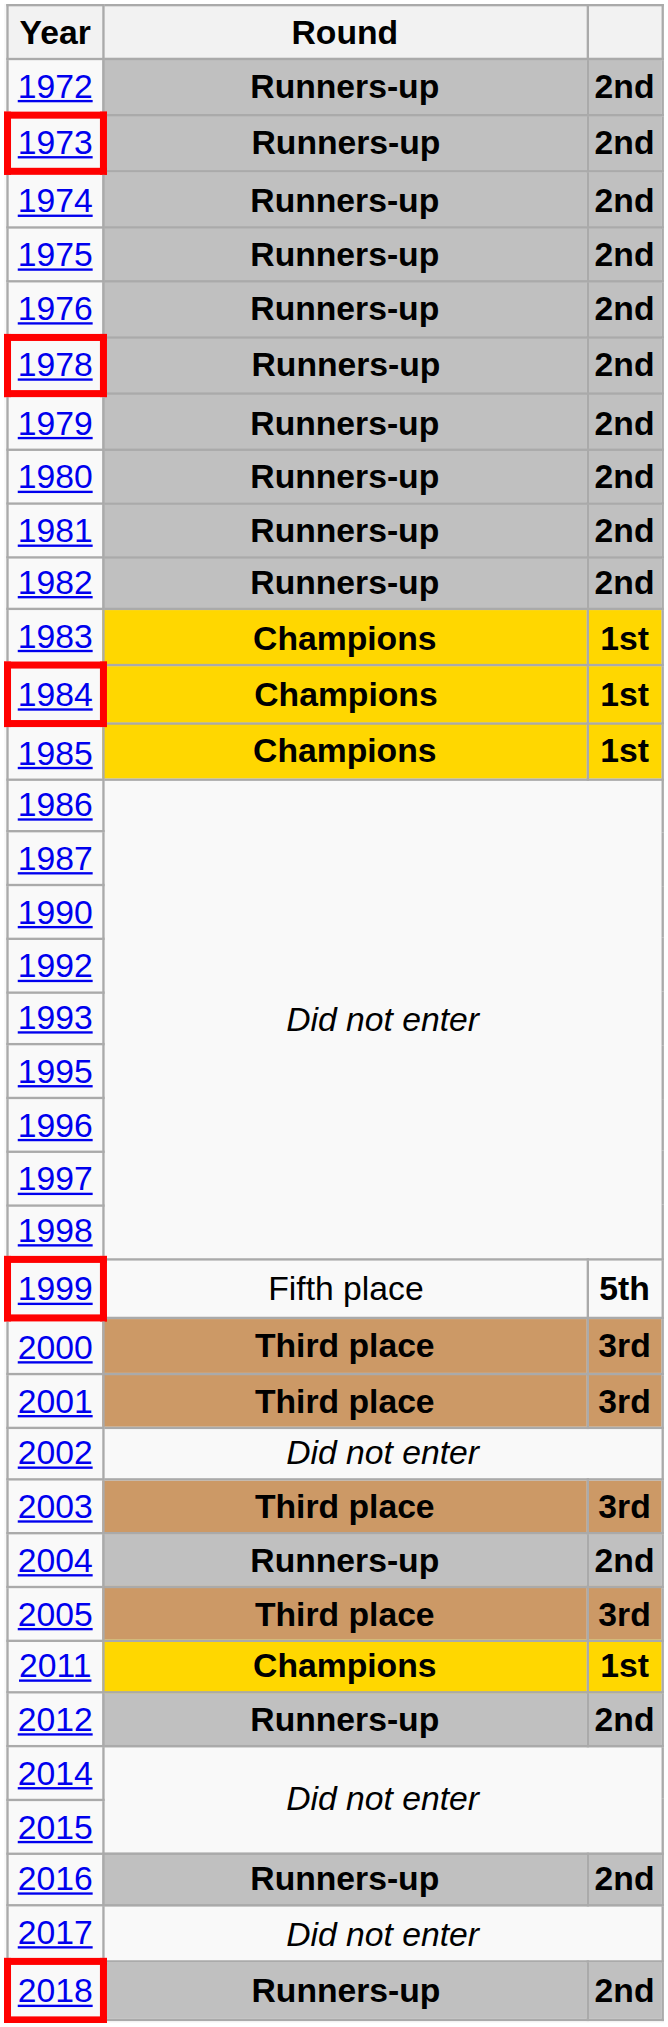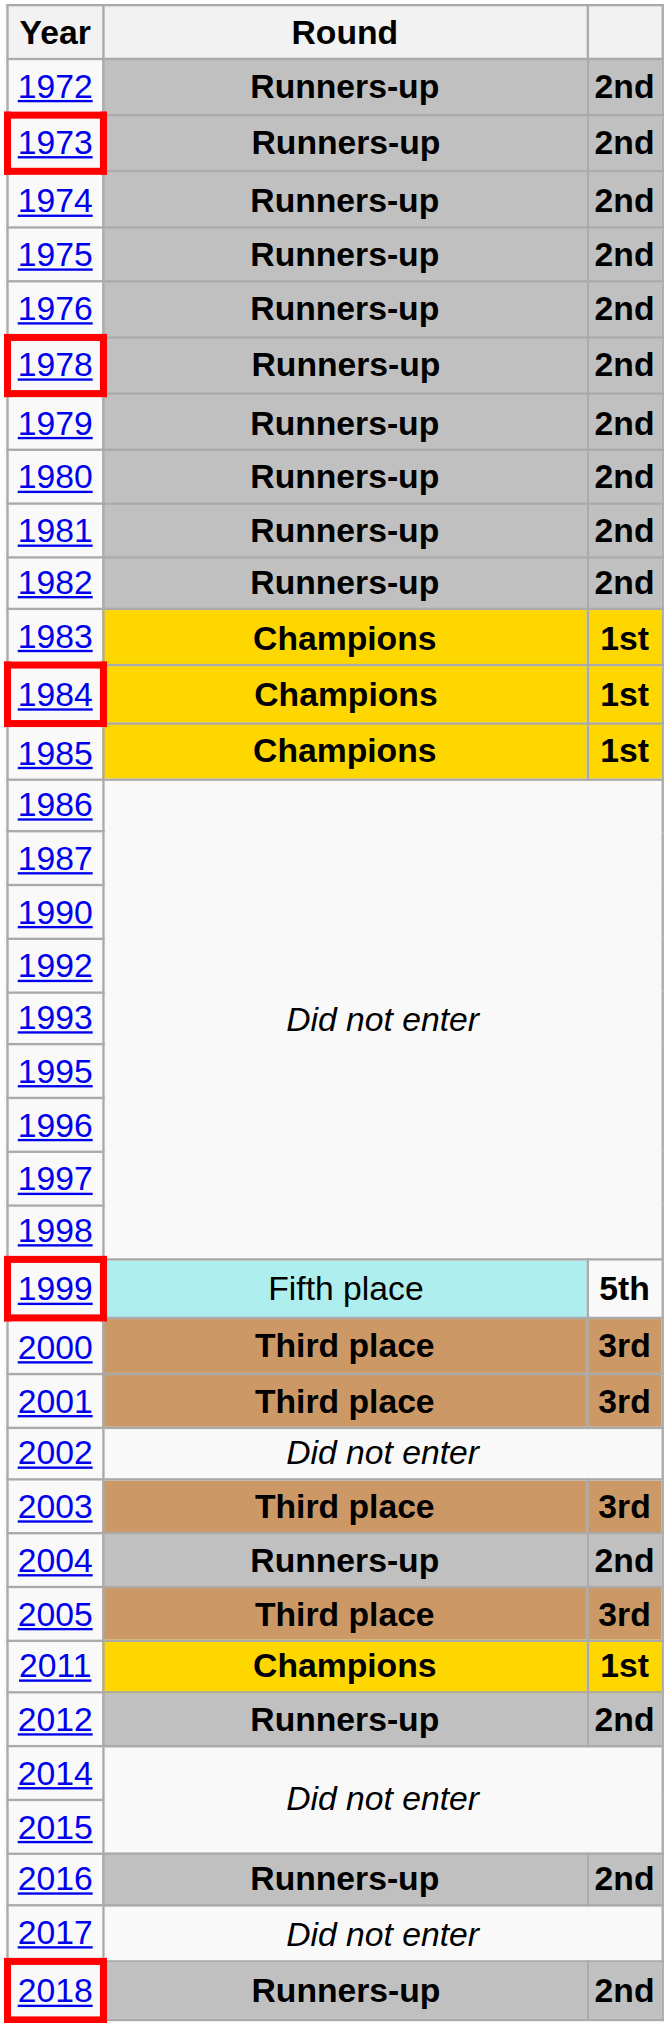 <table class="wikitable" style="text-align: center; font-size:90%">
 <tr>
 <th>Year</th>
 <th style="width:200px">Round</th>
 <th></th>
 </tr>
 <tr>
 <td><a href='#'>1972</a></td>
 <td bgcolor=Silver><strong>Runners-up</strong></td>
 <td bgcolor=Silver><strong>2nd</strong></td>
 </tr>
 <tr>
 <td style="border: 3px solid red"><a href='#'>1973</a></td>
 <td bgcolor=Silver><strong>Runners-up</strong></td>
 <td bgcolor=Silver><strong>2nd</strong></td>
 </tr>
 <tr>
 <td><a href='#'>1974</a></td>
 <td bgcolor=Silver><strong>Runners-up</strong></td>
 <td bgcolor=Silver><strong>2nd</strong></td>
 </tr>
 <tr>
 <td><a href='#'>1975</a></td>
 <td bgcolor=Silver><strong>Runners-up</strong></td>
 <td bgcolor=Silver><strong>2nd</strong></td>
 </tr>
 <tr>
 <td><a href='#'>1976</a></td>
 <td bgcolor=Silver><strong>Runners-up</strong></td>
 <td bgcolor=Silver><strong>2nd</strong></td>
 </tr>
 <tr>
 <td style="border: 3px solid red"><a href='#'>1978</a></td>
 <td bgcolor=Silver><strong>Runners-up</strong></td>
 <td bgcolor=Silver><strong>2nd</strong></td>
 </tr>
 <tr>
 <td><a href='#'>1979</a></td>
 <td bgcolor=Silver><strong>Runners-up</strong></td>
 <td bgcolor=Silver><strong>2nd</strong></td>
 </tr>
 <tr>
 <td><a href='#'>1980</a></td>
 <td bgcolor=Silver><strong>Runners-up</strong></td>
 <td bgcolor=Silver><strong>2nd</strong></td>
 </tr>
 <tr>
 <td><a href='#'>1981</a></td>
 <td bgcolor=Silver><strong>Runners-up</strong></td>
 <td bgcolor=Silver><strong>2nd</strong></td>
 </tr>
 <tr>
 <td><a href='#'>1982</a></td>
 <td bgcolor=Silver><strong>Runners-up</strong></td>
 <td bgcolor=Silver><strong>2nd</strong></td>
 </tr>
 <tr>
 <td><a href='#'>1983</a></td>
 <td bgcolor=Gold><strong>Champions</strong></td>
 <td bgcolor=Gold><strong>1st</strong></td>
 </tr>
 <tr>
 <td style="border: 3px solid red"><a href='#'>1984</a></td>
 <td bgcolor=Gold><strong>Champions</strong></td>
 <td bgcolor=Gold><strong>1st</strong></td>
 </tr>
 <tr>
 <td><a href='#'>1985</a></td>
 <td bgcolor=Gold><strong>Champions</strong></td>
 <td bgcolor=Gold><strong>1st</strong></td>
 </tr>
 <tr>
 <td><a href='#'>1986</a></td>
 <td colspan="2" rowspan="9"><em>Did not enter</em></td>
 </tr>
 <tr>
 <td><a href='#'>1987</a></td>
 </tr>
 <tr>
 <td><a href='#'>1990</a></td>
 </tr>
 <tr>
 <td><a href='#'>1992</a></td>
 </tr>
 <tr>
 <td><a href='#'>1993</a></td>
 </tr>
 <tr>
 <td><a href='#'>1995</a></td>
 </tr>
 <tr>
 <td><a href='#'>1996</a></td>
 </tr>
 <tr>
 <td><a href='#'>1997</a></td>
 </tr>
 <tr>
 <td><a href='#'>1998</a></td>
 </tr>
 <tr>
 <td style="border: 3px solid red"><a href='#'>1999</a></td>
-<td>Fifth place</td>
+<td style="background: paleturquoise;">Fifth place</td>
 <td><strong>5th</strong></td>
 </tr>
 <tr>
 <td><a href='#'>2000</a></td>
 <td bgcolor="cc9966"><strong>Third place</strong></td>
 <td bgcolor="cc9966"><strong>3rd</strong></td>
 </tr>
 <tr>
 <td><a href='#'>2001</a></td>
 <td bgcolor="cc9966"><strong>Third place</strong></td>
 <td bgcolor="cc9966"><strong>3rd</strong></td>
 </tr>
 <tr>
 <td><a href='#'>2002</a></td>
 <td colspan="2"><em>Did not enter</em></td>
 </tr>
 <tr>
 <td><a href='#'>2003</a></td>
 <td bgcolor="cc9966"><strong>Third place</strong></td>
 <td bgcolor="cc9966"><strong>3rd</strong></td>
 </tr>
 <tr>
 <td><a href='#'>2004</a></td>
 <td bgcolor=Silver><strong>Runners-up</strong></td>
 <td bgcolor=Silver><strong>2nd</strong></td>
 </tr>
 <tr>
 <td><a href='#'>2005</a></td>
 <td bgcolor="cc9966"><strong>Third place</strong></td>
 <td bgcolor="cc9966"><strong>3rd</strong></td>
 </tr>
 <tr>
 <td><a href='#'>2011</a></td>
 <td bgcolor=Gold><strong>Champions</strong></td>
 <td bgcolor=Gold><strong>1st</strong></td>
 </tr>
 <tr>
 <td><a href='#'>2012</a></td>
 <td bgcolor=Silver><strong>Runners-up</strong></td>
 <td bgcolor=Silver><strong>2nd</strong></td>
 </tr>
 <tr>
 <td><a href='#'>2014</a></td>
 <td colspan="2" rowspan="2"><em>Did not enter</em></td>
 </tr>
 <tr>
 <td><a href='#'>2015</a></td>
 </tr>
 <tr>
 <td><a href='#'>2016</a></td>
 <td bgcolor=Silver><strong>Runners-up</strong></td>
 <td bgcolor=Silver><strong>2nd</strong></td>
 </tr>
 <tr>
 <td><a href='#'>2017</a></td>
 <td colspan="2"><em>Did not enter</em></td>
 </tr>
 <tr>
 <td style="border: 3px solid red"><a href='#'>2018</a></td>
 <td bgcolor=Silver><strong>Runners-up</strong></td>
 <td bgcolor=Silver><strong>2nd</strong></td>
 </tr>
 </table>
